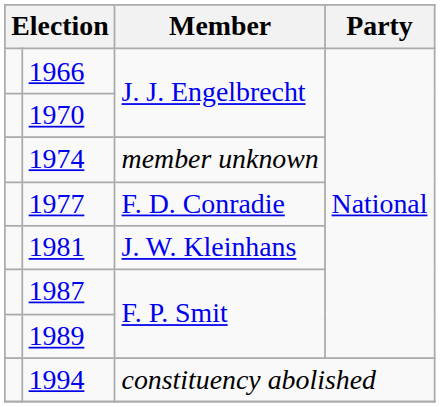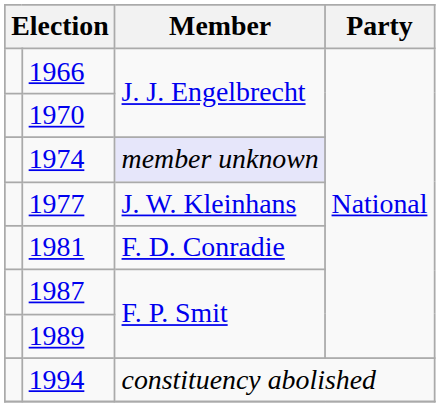 <table class="wikitable">
 <tr>
 <th colspan="2">Election</th>
 <th>Member</th>
 <th>Party</th>
 </tr>
 <tr>
 <td style="background-color: "></td>
 <td><a href='#'>1966</a></td>
 <td rowspan="2"><a href='#'>J. J. Engelbrecht</a></td>
 <td rowspan="7"><a href='#'>National</a></td>
 </tr>
 <tr>
 <td style="background-color: "></td>
 <td><a href='#'>1970</a></td>
 </tr>
 <tr>
 <td style="background-color: "></td>
 <td><a href='#'>1974</a></td>
-<td><em>member unknown</em></td>
+<td style="background: lavender;"><em>member unknown</em></td>
 </tr>
 <tr>
 <td style="background-color: "></td>
 <td><a href='#'>1977</a></td>
-<td><a href='#'>F. D. Conradie</a></td>
+<td><a href='#'>J. W. Kleinhans</a></td>
 </tr>
 <tr>
 <td style="background-color: "></td>
 <td><a href='#'>1981</a></td>
-<td><a href='#'>J. W. Kleinhans</a></td>
+<td><a href='#'>F. D. Conradie</a></td>
 </tr>
 <tr>
 <td style="background-color: "></td>
 <td><a href='#'>1987</a></td>
 <td rowspan="2"><a href='#'>F. P. Smit</a></td>
 </tr>
 <tr>
 <td style="background-color: "></td>
 <td><a href='#'>1989</a></td>
 </tr>
 <tr>
 <td style="background-color: "></td>
 <td><a href='#'>1994</a></td>
 <td colspan="2"><em>constituency abolished</em></td>
 </tr>
 <tr>
 </tr>
 </table>
